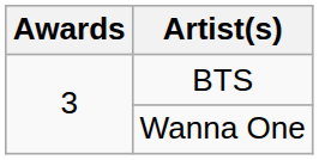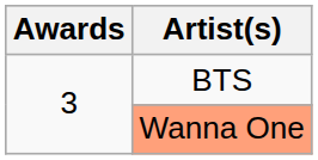 <table class="wikitable" style="text-align:center;">
 <tr>
 <th scope="col">Awards</th>
 <th scope="col">Artist(s)</th>
 </tr>
 <tr>
 <td rowspan="2">3</td>
 <td>BTS</td>
 </tr>
 <tr>
-<td>Wanna One</td>
+<td style="background: lightsalmon;">Wanna One</td>
 </tr>
 </table>
